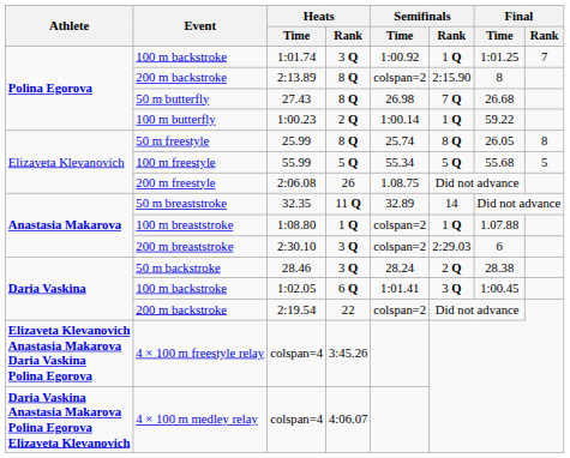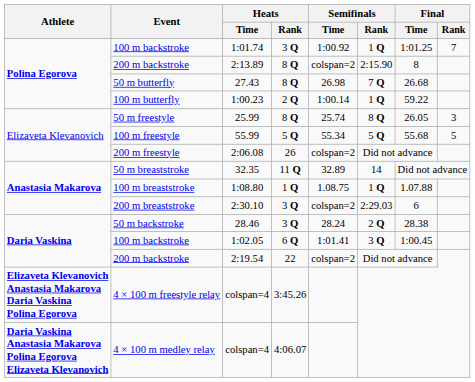 <table class=wikitable style="text-align:center;font-size:90%">
 <tr>
 <th rowspan=2>Athlete</th>
 <th rowspan=2>Event</th>
 <th colspan=2>Heats</th>
 <th colspan=2>Semifinals</th>
 <th colspan=2>Final</th>
 </tr>
 <tr style="font-size:95%">
 <th>Time</th>
 <th>Rank</th>
 <th>Time</th>
 <th>Rank</th>
 <th>Time</th>
 <th>Rank</th>
 </tr>
 <tr>
 <td rowspan=4 align=left><strong><a href='#'>Polina Egorova</a></strong></td>
 <td align=left><a href='#'>100 m backstroke</a></td>
 <td>1:01.74</td>
 <td>3 <strong>Q</strong></td>
 <td>1:00.92</td>
 <td>1 <strong>Q</strong></td>
 <td>1:01.25</td>
 <td>7</td>
 </tr>
 <tr>
 <td align=left><a href='#'>200 m backstroke</a></td>
 <td>2:13.89</td>
 <td>8 <strong>Q</strong></td>
 <td>colspan=2 </td>
 <td>2:15.90</td>
 <td>8</td>
 </tr>
 <tr>
 <td align=left><a href='#'>50 m butterfly</a></td>
 <td>27.43</td>
 <td>8 <strong>Q</strong></td>
 <td>26.98</td>
 <td>7 <strong>Q</strong></td>
 <td>26.68</td>
 <td></td>
 </tr>
 <tr>
 <td align=left><a href='#'>100 m butterfly</a></td>
 <td>1:00.23</td>
 <td>2 <strong>Q</strong></td>
 <td>1:00.14</td>
 <td>1 <strong>Q</strong></td>
 <td>59.22</td>
 <td></td>
 </tr>
 <tr>
 <td rowspan=3 align=left><a href='#'>Elizaveta Klevanovich</a></td>
 <td align=left><a href='#'>50 m freestyle</a></td>
 <td>25.99</td>
 <td>8 <strong>Q</strong></td>
 <td>25.74</td>
 <td>8 <strong>Q</strong></td>
 <td>26.05</td>
-<td>8</td>
+<td>3</td>
 </tr>
 <tr>
 <td align=left><a href='#'>100 m freestyle</a></td>
 <td>55.99</td>
 <td>5 <strong>Q</strong></td>
 <td>55.34</td>
 <td>5 <strong>Q</strong></td>
 <td>55.68</td>
 <td>5</td>
 </tr>
 <tr>
 <td align=left><a href='#'>200 m freestyle</a></td>
 <td>2:06.08</td>
 <td>26</td>
-<td>1.08.75</td>
+<td>colspan=2 </td>
 <td colspan=2>Did not advance</td>
 </tr>
 <tr>
 <td rowspan=3 align=left><strong><a href='#'>Anastasia Makarova</a></strong></td>
 <td align=left><a href='#'>50 m breaststroke</a></td>
 <td>32.35</td>
 <td>11 <strong>Q</strong></td>
 <td>32.89</td>
 <td>14</td>
 <td colspan=2>Did not advance</td>
 </tr>
 <tr>
 <td align=left><a href='#'>100 m breaststroke</a></td>
 <td>1:08.80</td>
 <td>1 <strong>Q</strong></td>
-<td>colspan=2 </td>
+<td>1.08.75</td>
 <td>1 <strong>Q</strong></td>
 <td>1.07.88</td>
 <td></td>
 </tr>
 <tr>
 <td align=left><a href='#'>200 m breaststroke</a></td>
 <td>2:30.10</td>
 <td>3 <strong>Q</strong></td>
 <td>colspan=2 </td>
 <td>2:29.03</td>
 <td>6</td>
 </tr>
 <tr>
 <td rowspan=3 align=left><strong><a href='#'>Daria Vaskina</a></strong></td>
 <td align=left><a href='#'>50 m backstroke</a></td>
 <td>28.46</td>
 <td>3 <strong>Q</strong></td>
 <td>28.24</td>
 <td>2 <strong>Q</strong></td>
 <td>28.38</td>
 <td></td>
 </tr>
 <tr>
 <td align=left><a href='#'>100 m backstroke</a></td>
 <td>1:02.05</td>
 <td>6 <strong>Q</strong></td>
 <td>1:01.41</td>
 <td>3 <strong>Q</strong></td>
 <td>1:00.45</td>
 <td></td>
 </tr>
 <tr>
 <td align=left><a href='#'>200 m backstroke</a></td>
 <td>2:19.54</td>
 <td>22</td>
 <td>colspan=2 </td>
 <td colspan=2>Did not advance</td>
 </tr>
 <tr>
 <td align=left><strong><a href='#'>Elizaveta Klevanovich</a><br><a href='#'>Anastasia Makarova</a><br><a href='#'>Daria Vaskina</a><br><a href='#'>Polina Egorova</a></strong></td>
 <td align=left><a href='#'>4 × 100 m freestyle relay</a></td>
 <td>colspan=4 </td>
 <td>3:45.26</td>
 <td></td>
 </tr>
 <tr>
 <td align=left><strong><a href='#'>Daria Vaskina</a><br><a href='#'>Anastasia Makarova</a><br><a href='#'>Polina Egorova</a><br><a href='#'>Elizaveta Klevanovich</a></strong></td>
 <td align=left><a href='#'>4 × 100 m medley relay</a></td>
 <td>colspan=4 </td>
 <td>4:06.07</td>
 <td></td>
 </tr>
 </table>
